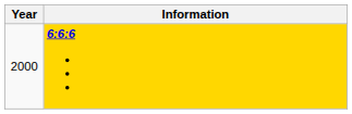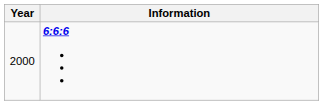 <table class="wikitable">
 <tr>
 <th rowspan="1" width="44">Year</th>
 <th rowspan="1" width="390">Information</th>
 </tr>
 <tr>
 <td align="center" width="44">2000</td>
-<td width="390" style="background: gold;"><strong><em><a href='#'>6:6:6</a></em></strong><br><ul><li></li><li></li><li></li></ul></td>
+<td width="390"><strong><em><a href='#'>6:6:6</a></em></strong><br><ul><li></li><li></li><li></li></ul></td>
 </tr>
 </table>
